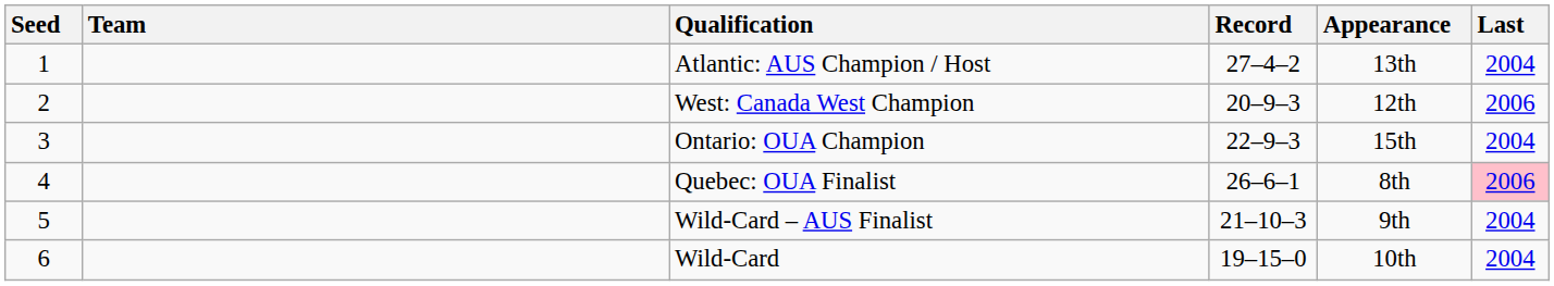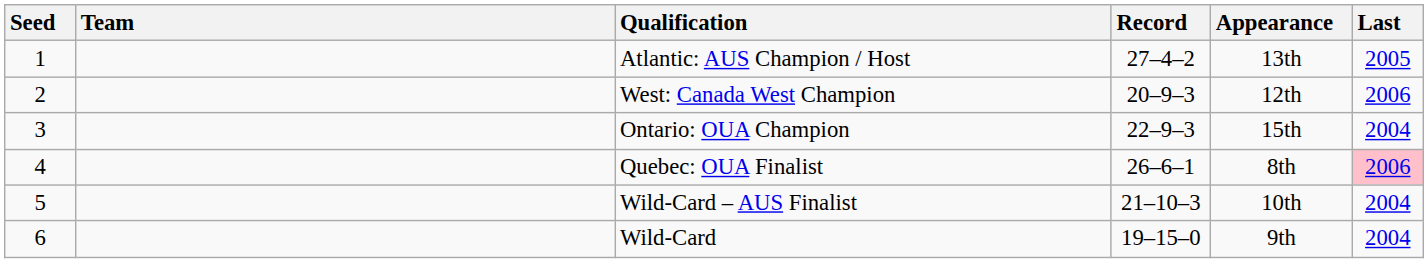 <table class="wikitable sortable" style="text-align:center;" width=1000>
 <tr style="background:#efefef; text-align:center">
 <th style="text-align:left" width=5%>Seed</th>
 <th style="text-align:left" width=38%>Team</th>
 <th style="text-align:left" width=35%>Qualification</th>
 <th style="text-align:left" width=7%>Record</th>
 <th style="text-align:left" width=10%>Appearance</th>
 <th style="text-align:left" width=6%>Last</th>
 </tr>
 <tr style="text-align:center">
 <td style="text-align:center">1</td>
 <td style="text-align:left; "><a href='#'></a></td>
 <td style="text-align:left">Atlantic: <a href='#'>AUS</a> Champion / Host</td>
 <td style="text-align:center">27–4–2</td>
 <td style=center>13th</td>
-<td style="text-align:center"><a href='#'>2004</a></td>
+<td style="text-align:center"><a href='#'>2005</a></td>
 </tr>
 <tr style="text-align:center">
 <td style="text-align:center">2</td>
 <td style="text-align:left; "><a href='#'></a></td>
 <td style="text-align:left">West: <a href='#'>Canada West</a> Champion</td>
 <td style="text-align:center">20–9–3</td>
 <td style=center>12th</td>
 <td style="text-align:center"><a href='#'>2006</a></td>
 </tr>
 <tr style="text-align:center">
 <td style="text-align:center">3</td>
 <td style="text-align:left; "><a href='#'></a></td>
 <td style="text-align:left">Ontario: <a href='#'>OUA</a> Champion</td>
 <td style="text-align:center">22–9–3</td>
 <td style=center>15th</td>
 <td style="text-align:center"><a href='#'>2004</a></td>
 </tr>
 <tr style="text-align:center">
 <td style="text-align:center">4</td>
 <td style="text-align:left; "><a href='#'></a></td>
 <td style="text-align:left">Quebec: <a href='#'>OUA</a> Finalist</td>
 <td style="text-align:center">26–6–1</td>
 <td style=center>8th</td>
 <td style="background: pink; text-align:center"><a href='#'>2006</a></td>
 </tr>
 <tr style="text-align:center">
 <td style="text-align:center">5</td>
 <td style="text-align:left; "><a href='#'></a></td>
 <td style="text-align:left">Wild-Card – <a href='#'>AUS</a> Finalist</td>
 <td style="text-align:center">21–10–3</td>
-<td style=center>9th</td>
+<td style=center>10th</td>
 <td style="text-align:center"><a href='#'>2004</a></td>
 </tr>
 <tr style="text-align:center">
 <td style="text-align:center">6</td>
 <td style="text-align:left; "><a href='#'></a></td>
 <td style="text-align:left">Wild-Card</td>
 <td style="text-align:center">19–15–0</td>
-<td style=center>10th</td>
+<td style=center>9th</td>
 <td style="text-align:center"><a href='#'>2004</a></td>
 </tr>
 </table>
